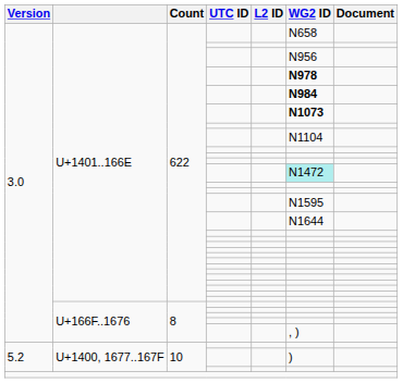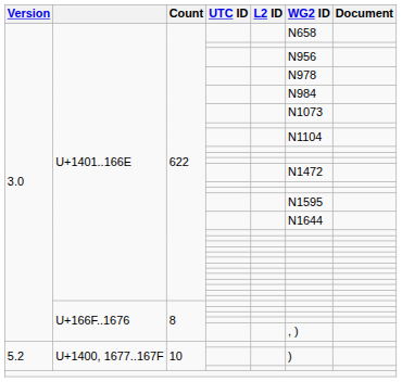 <table class="wikitable collapsible sticky-header">
 <tr>
 <th><a href='#'>Version</a></th>
 <th></th>
 <th>Count</th>
 <th><a href='#'>UTC</a> ID</th>
 <th><a href='#'>L2</a> ID</th>
 <th><a href='#'>WG2</a> ID</th>
 <th>Document</th>
 </tr>
 <tr>
 <td rowspan="34">3.0</td>
 <td rowspan="29">U+1401..166E</td>
 <td rowspan="29">622</td>
 <td></td>
 <td></td>
 <td>N658</td>
 <td></td>
 </tr>
 <tr>
 <td></td>
 <td></td>
 <td></td>
 <td></td>
 </tr>
 <tr>
 <td></td>
 <td></td>
 <td>N956</td>
 <td></td>
 </tr>
 <tr>
 <td></td>
 <td></td>
-<td><strong>N978</strong></td>
+<td>N978</td>
 <td></td>
 </tr>
 <tr>
 <td></td>
 <td></td>
-<td><strong>N984</strong></td>
+<td>N984</td>
 <td></td>
 </tr>
 <tr>
 <td></td>
 <td></td>
-<td><strong>N1073</strong></td>
+<td>N1073</td>
 <td></td>
 </tr>
 <tr>
 <td></td>
 <td></td>
 <td></td>
 <td></td>
 </tr>
 <tr>
 <td></td>
 <td></td>
 <td>N1104</td>
 <td></td>
 </tr>
 <tr>
 <td></td>
 <td></td>
 <td></td>
 <td></td>
 </tr>
 <tr>
 <td></td>
 <td></td>
 <td></td>
 <td></td>
 </tr>
 <tr>
 <td></td>
 <td></td>
 <td></td>
 <td></td>
 </tr>
 <tr>
 <td></td>
 <td></td>
-<td style="background: paleturquoise;">N1472</td>
+<td>N1472</td>
 <td></td>
 </tr>
 <tr>
 <td></td>
 <td></td>
 <td></td>
 <td></td>
 </tr>
 <tr>
 <td></td>
 <td></td>
 <td></td>
 <td></td>
 </tr>
 <tr>
 <td></td>
 <td></td>
 <td>N1595</td>
 <td></td>
 </tr>
 <tr>
 <td></td>
 <td></td>
 <td>N1644</td>
 <td></td>
 </tr>
 <tr>
 <td></td>
 <td></td>
 <td></td>
 <td></td>
 </tr>
 <tr>
 <td></td>
 <td></td>
 <td></td>
 <td></td>
 </tr>
 <tr>
 <td></td>
 <td></td>
 <td></td>
 <td></td>
 </tr>
 <tr>
 <td></td>
 <td></td>
 <td></td>
 <td></td>
 </tr>
 <tr>
 <td></td>
 <td></td>
 <td></td>
 <td></td>
 </tr>
 <tr>
 <td></td>
 <td></td>
 <td></td>
 <td></td>
 </tr>
 <tr>
 <td></td>
 <td></td>
 <td></td>
 <td></td>
 </tr>
 <tr>
 <td></td>
 <td></td>
 <td></td>
 <td></td>
 </tr>
 <tr>
 <td></td>
 <td></td>
 <td></td>
 <td></td>
 </tr>
 <tr>
 <td></td>
 <td></td>
 <td></td>
 <td></td>
 </tr>
 <tr>
 <td></td>
 <td></td>
 <td></td>
 <td></td>
 </tr>
 <tr>
 <td></td>
 <td></td>
 <td></td>
 <td></td>
 </tr>
 <tr>
 <td></td>
 <td></td>
 <td></td>
 <td></td>
 </tr>
 <tr>
 <td rowspan="5">U+166F..1676</td>
 <td rowspan="5">8</td>
 <td></td>
 <td></td>
 <td></td>
 <td></td>
 </tr>
 <tr>
 <td></td>
 <td></td>
 <td></td>
 <td></td>
 </tr>
 <tr>
 <td></td>
 <td></td>
 <td></td>
 <td></td>
 </tr>
 <tr>
 <td></td>
 <td></td>
 <td></td>
 <td></td>
 </tr>
 <tr>
 <td></td>
 <td></td>
 <td> , )</td>
 <td></td>
 </tr>
 <tr>
 <td rowspan="3">5.2</td>
 <td rowspan="3">U+1400, 1677..167F</td>
 <td rowspan="3">10</td>
 <td></td>
 <td></td>
 <td></td>
 <td></td>
 </tr>
 <tr>
 <td></td>
 <td></td>
 <td> )</td>
 <td></td>
 </tr>
 <tr>
 <td></td>
 <td></td>
 <td></td>
 <td></td>
 </tr>
 <tr class="sortbottom">
 <td colspan="7"></td>
 </tr>
 </table>
